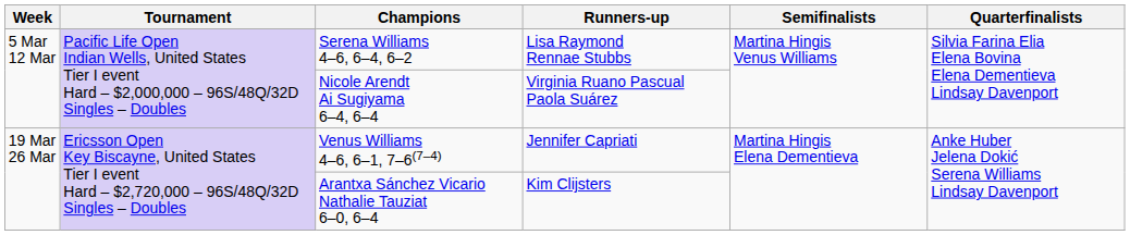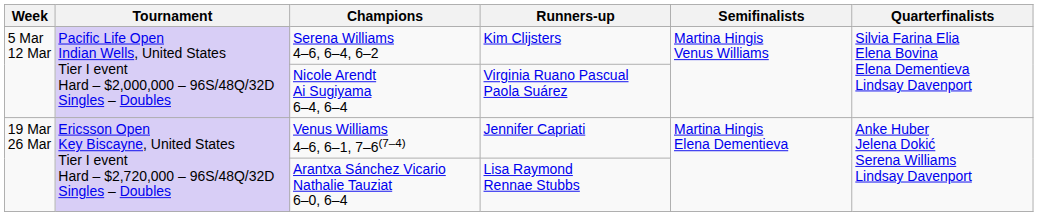 <table class=wikitable style=font-size:95%>
 <tr>
 <th style="width:48px;">Week</th>
 <th style="width:248px;">Tournament</th>
 <th style="width:200px;">Champions</th>
 <th style="width:200px;">Runners-up</th>
 <th style="width:190px;">Semifinalists</th>
 <th style="width:190px;">Quarterfinalists</th>
 </tr>
 <tr valign="top">
 <td rowspan=2>5 Mar<br>12 Mar</td>
 <td rowspan=2 bgcolor=#d8cef6><a href='#'>Pacific Life Open</a><br> <a href='#'>Indian Wells</a>, United States <br>Tier I event <br> Hard – $2,000,000 – 96S/48Q/32D<br><a href='#'>Singles</a> – <a href='#'>Doubles</a></td>
 <td> <a href='#'>Serena Williams</a>  <br> 4–6, 6–4, 6–2</td>
-<td> <a href='#'>Lisa Raymond</a> <br>  <a href='#'>Rennae Stubbs</a></td>
+<td> <a href='#'>Kim Clijsters</a></td>
 <td rowspan=2> <a href='#'>Martina Hingis</a><br> <a href='#'>Venus Williams</a></td>
 <td rowspan=2> <a href='#'>Silvia Farina Elia</a>  <br>  <a href='#'>Elena Bovina</a> <br> <a href='#'>Elena Dementieva</a><br>   <a href='#'>Lindsay Davenport</a></td>
 </tr>
 <tr valign="top">
 <td> <a href='#'>Nicole Arendt</a> <br>  <a href='#'>Ai Sugiyama</a> <br>6–4, 6–4</td>
 <td> <a href='#'>Virginia Ruano Pascual</a> <br>  <a href='#'>Paola Suárez</a></td>
 </tr>
 <tr valign="top">
 <td rowspan=2>19 Mar<br>26 Mar</td>
 <td rowspan=2 bgcolor=#d8cef6><a href='#'>Ericsson Open</a><br> <a href='#'>Key Biscayne</a>, United States <br>Tier I event <br> Hard – $2,720,000 – 96S/48Q/32D<br><a href='#'>Singles</a> – <a href='#'>Doubles</a></td>
 <td> <a href='#'>Venus Williams</a>  <br> 4–6, 6–1, 7–6<sup>(7–4)</sup></td>
 <td> <a href='#'>Jennifer Capriati</a></td>
 <td rowspan=2> <a href='#'>Martina Hingis</a><br> <a href='#'>Elena Dementieva</a></td>
 <td rowspan=2> <a href='#'>Anke Huber</a>  <br>  <a href='#'>Jelena Dokić</a> <br> <a href='#'>Serena Williams</a><br>   <a href='#'>Lindsay Davenport</a></td>
 </tr>
 <tr valign="top">
 <td> <a href='#'>Arantxa Sánchez Vicario</a> <br>  <a href='#'>Nathalie Tauziat</a> <br>6–0, 6–4</td>
-<td> <a href='#'>Kim Clijsters</a></td>
+<td> <a href='#'>Lisa Raymond</a> <br>  <a href='#'>Rennae Stubbs</a></td>
 </tr>
 </table>
